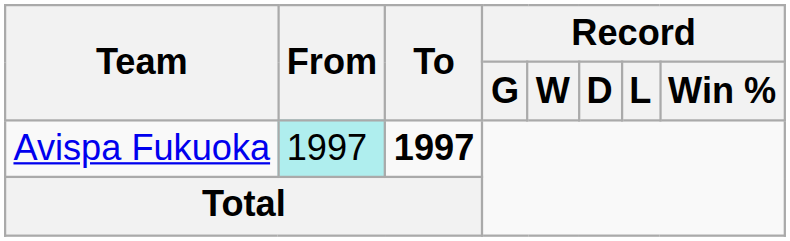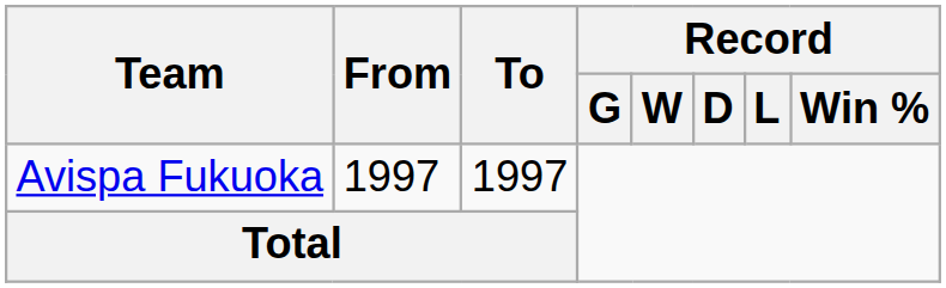 <table class="wikitable" style="text-align: center">
 <tr>
 <th rowspan="2">Team</th>
 <th rowspan="2">From</th>
 <th rowspan="2">To</th>
 <th colspan="5">Record</th>
 </tr>
 <tr>
 <th>G</th>
 <th>W</th>
 <th>D</th>
 <th>L</th>
 <th>Win %</th>
 </tr>
 <tr>
 <td align="left"><a href='#'>Avispa Fukuoka</a></td>
-<td align="left" style="background: paleturquoise;">1997</td>
-<td align="left"><strong>1997<br></strong></td>
+<td align="left">1997</td>
+<td align="left">1997<br></td>
 </tr>
 <tr>
 <th colspan="3">Total<br></th>
 </tr>
 </table>
